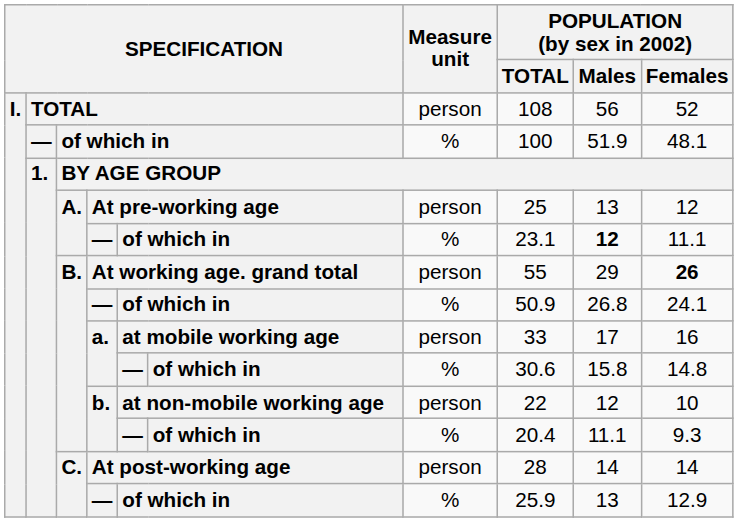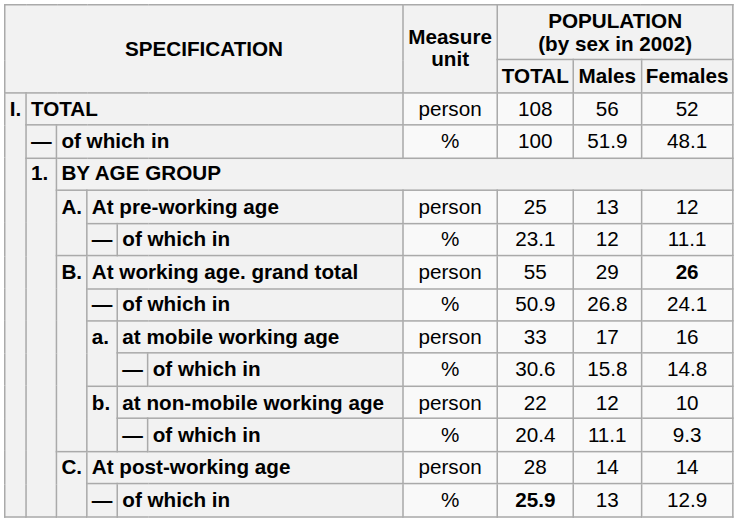 <table class="wikitable" style="font-size:85%; text-align:center">
 <tr>
 <th rowspan="2" colspan="6">SPECIFICATION</th>
 <th rowspan="2">Measure<br> unit</th>
 <th colspan="3" rowspan="1">POPULATION<br> (by sex in 2002)</th>
 </tr>
 <tr>
 <th>TOTAL</th>
 <th>Males</th>
 <th>Females</th>
 </tr>
 <tr>
 <th style="text-align:left" valign="top" rowspan="13">I.</th>
 <th style="text-align:left" colspan="5">TOTAL</th>
 <td>person</td>
 <td>108</td>
 <td>56</td>
 <td>52</td>
 </tr>
 <tr>
 <th style="text-align:left" valign="top">—</th>
 <th style="text-align:left" colspan="4">of which in</th>
 <td>%</td>
 <td>100</td>
 <td>51.9</td>
 <td>48.1</td>
 </tr>
 <tr>
 <th style="text-align:left" valign="top" rowspan="11">1.</th>
 <th style="text-align:left" colspan="19">BY AGE GROUP</th>
 </tr>
 <tr>
 <th style="text-align:left" valign="top" rowspan="2">A.</th>
 <th style="text-align:left" colspan="3">At pre-working age</th>
 <td>person</td>
 <td>25</td>
 <td>13</td>
 <td>12</td>
 </tr>
 <tr>
 <th style="text-align:left" valign="top">—</th>
 <th style="text-align:left" valign="top" colspan="2">of which in</th>
 <td>%</td>
 <td>23.1</td>
-<td><strong>12</strong></td>
+<td>12</td>
 <td>11.1</td>
 </tr>
 <tr>
 <th style="text-align:left" valign="top" rowspan="6">B.</th>
 <th style="text-align:left" colspan="3">At working age. grand total</th>
 <td>person</td>
 <td>55</td>
 <td>29</td>
 <td><strong>26</strong></td>
 </tr>
 <tr>
 <th style="text-align:left" valign="top">—</th>
 <th style="text-align:left" valign="top" colspan="2">of which in</th>
 <td>%</td>
 <td>50.9</td>
 <td>26.8</td>
 <td>24.1</td>
 </tr>
 <tr>
 <th style="text-align:left" valign="top" rowspan="2">a.</th>
 <th style="text-align:left" colspan="2">at mobile working age</th>
 <td>person</td>
 <td>33</td>
 <td>17</td>
 <td>16</td>
 </tr>
 <tr>
 <th style="text-align:left" valign="top">—</th>
 <th style="text-align:left" valign="top" colspan="1">of which in                        </th>
 <td>%</td>
 <td>30.6</td>
 <td>15.8</td>
 <td>14.8</td>
 </tr>
 <tr>
 <th style="text-align:left" valign="top" rowspan="2">b.</th>
 <th style="text-align:left" colspan="2">at non-mobile working age</th>
 <td>person</td>
 <td>22</td>
 <td>12</td>
 <td>10</td>
 </tr>
 <tr>
 <th style="text-align:left" valign="top">—</th>
 <th style="text-align:left" valign="top" colspan="1">of which in                        </th>
 <td>%</td>
 <td>20.4</td>
 <td>11.1</td>
 <td>9.3</td>
 </tr>
 <tr>
 <th style="text-align:left" valign="top" rowspan="2">C.</th>
 <th style="text-align:left" colspan="3">At post-working age</th>
 <td>person</td>
 <td>28</td>
 <td>14</td>
 <td>14</td>
 </tr>
 <tr>
 <th style="text-align:left" valign="top">—</th>
 <th style="text-align:left" valign="top" colspan="2">of which in</th>
 <td>%</td>
-<td>25.9</td>
+<td><strong>25.9</strong></td>
 <td>13</td>
 <td>12.9</td>
 </tr>
 </table>
